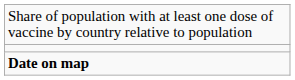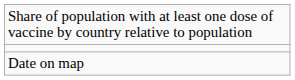 <table class=wikitable>
 <tr>
 <td style=max-width:300px>Share of population with at least one dose of vaccine by country relative to population</td>
 </tr>
 <tr>
 <td></td>
 </tr>
 <tr>
-<td style=max-width:300px><strong>Date on map</strong></td>
+<td style=max-width:300px>Date on map</td>
 </tr>
 </table>
